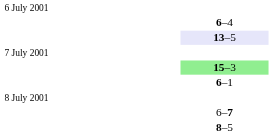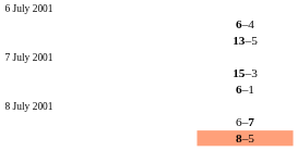 <table width=100% cellspacing=1>
 <tr>
 <th width=40%></th>
 <th width=20%></th>
 <th></th>
 </tr>
 <tr>
 <td><small>6 July 2001</small></td>
 </tr>
 <tr>
 <td align=right><strong></strong></td>
 <td align=center><strong>6</strong>–4</td>
 <td></td>
 </tr>
 <tr>
 <td align=right><strong></strong></td>
-<td align=center style="background: lavender;"><strong>13</strong>–5</td>
+<td align=center><strong>13</strong>–5</td>
 <td><strong></strong></td>
 </tr>
 <tr>
 <td><small>7 July 2001</small></td>
 </tr>
 <tr>
 <td align=right><strong></strong></td>
-<td align=center style="background: lightgreen;"><strong>15</strong>–3</td>
+<td align=center><strong>15</strong>–3</td>
 <td></td>
 </tr>
 <tr>
 <td align=right><strong></strong></td>
 <td align=center><strong>6</strong>–1</td>
 <td></td>
 </tr>
 <tr>
 <td><small>8 July 2001</small></td>
 </tr>
 <tr>
 <td align=right></td>
 <td align=center>6–<strong>7</strong></td>
 <td><strong></strong></td>
 </tr>
 <tr>
 <td align=right><strong></strong></td>
-<td align=center><strong>8</strong>–5</td>
+<td align=center style="background: lightsalmon;"><strong>8</strong>–5</td>
 <td></td>
 </tr>
 </table>
